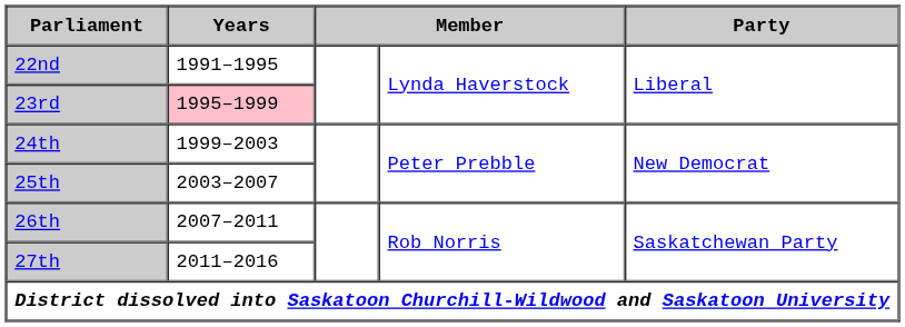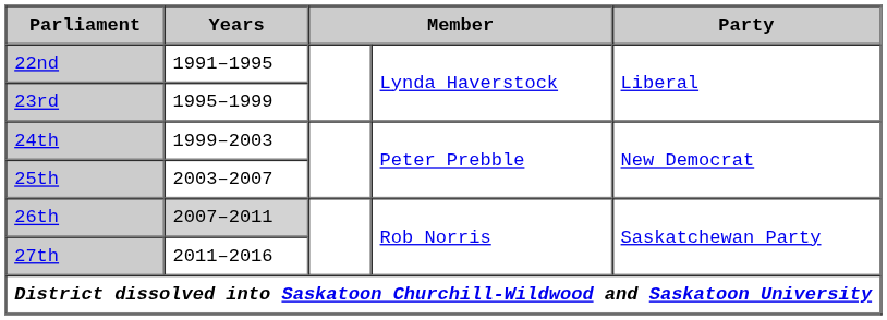 <table border=1 cellpadding=5 cellspacing=0>
 <tr bgcolor="CCCCCC">
 <th>Parliament</th>
 <th>Years</th>
 <th colspan="2">Member</th>
 <th>Party</th>
 </tr>
 <tr>
 <td bgcolor="CCCCCC"><a href='#'>22nd</a></td>
 <td>1991–1995</td>
 <td rowspan="2" >   </td>
 <td rowspan="2"><a href='#'>Lynda Haverstock</a></td>
 <td rowspan="2"><a href='#'>Liberal</a></td>
 </tr>
 <tr>
 <td bgcolor="CCCCCC"><a href='#'>23rd</a></td>
-<td style="background: pink;">1995–1999</td>
+<td>1995–1999</td>
 </tr>
 <tr>
 <td bgcolor="CCCCCC"><a href='#'>24th</a></td>
 <td>1999–2003</td>
 <td rowspan="2" >   </td>
 <td rowspan="2"><a href='#'>Peter Prebble</a></td>
 <td rowspan="2"><a href='#'>New Democrat</a></td>
 </tr>
 <tr>
 <td bgcolor="CCCCCC"><a href='#'>25th</a></td>
 <td>2003–2007</td>
 </tr>
 <tr>
 <td bgcolor="CCCCCC"><a href='#'>26th</a></td>
-<td>2007–2011</td>
+<td style="background: lightgrey;">2007–2011</td>
 <td rowspan="2" >   </td>
 <td rowspan="2"><a href='#'>Rob Norris</a></td>
 <td rowspan="2"><a href='#'>Saskatchewan Party</a></td>
 </tr>
 <tr>
 <td bgcolor="CCCCCC"><a href='#'>27th</a></td>
 <td>2011–2016</td>
 </tr>
 <tr>
 <td colspan="5" align="center"><strong><em>District dissolved into <a href='#'>Saskatoon Churchill-Wildwood</a> and <a href='#'>Saskatoon University</a></em></strong></td>
 </tr>
 <tr>
 </tr>
 </table>
